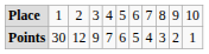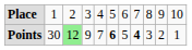 <table class="wikitable" style="text-align:center; ">
 <tr>
 <td style="background:#dddddd;" align=left><strong>Place</strong></td>
 <td>1</td>
 <td>2</td>
 <td>3</td>
 <td>4</td>
 <td>5</td>
 <td>6</td>
 <td>7</td>
 <td>8</td>
 <td>9</td>
 <td>10</td>
 </tr>
 <tr>
 <td style="background:#dddddd;" align=left><strong>Points</strong></td>
 <td>30</td>
-<td>12</td>
+<td style="background: lightgreen;">12</td>
 <td>9</td>
 <td>7</td>
-<td>6</td>
+<td><strong>6</strong></td>
 <td>5</td>
-<td>4</td>
+<td><strong>4</strong></td>
 <td>3</td>
 <td>2</td>
 <td>1</td>
 </tr>
 </table>
